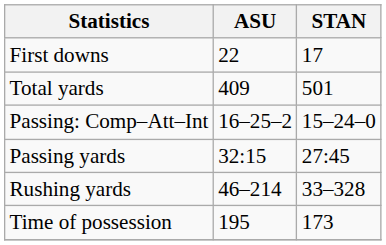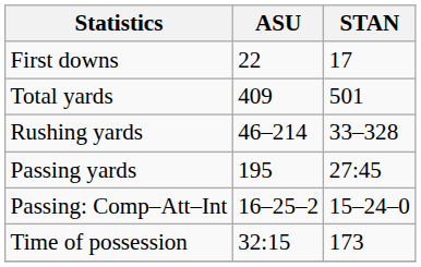 <table class="wikitable" style="float: left;">
 <tr>
 <th>Statistics</th>
 <th>ASU</th>
 <th>STAN</th>
 </tr>
 <tr>
 <td>First downs</td>
 <td>22</td>
 <td>17</td>
 </tr>
 <tr>
 <td>Total yards</td>
 <td>409</td>
 <td>501</td>
 </tr>
 <tr>
+<td>Rushing yards</td>
+<td>46–214</td>
+<td>33–328</td>
+</tr>
+<tr>
+<td>Passing yards</td>
+<td>195</td>
+<td>27:45</td>
+</tr>
+<tr>
 <td>Passing: Comp–Att–Int</td>
 <td>16–25–2</td>
 <td>15–24–0</td>
 </tr>
 <tr>
-<td>Passing yards</td>
+<td>Time of possession</td>
 <td>32:15</td>
-<td>27:45</td>
-</tr>
-<tr>
-<td>Rushing yards</td>
-<td>46–214</td>
-<td>33–328</td>
-</tr>
-<tr>
-<td>Time of possession</td>
-<td>195</td>
 <td>173</td>
 </tr>
 <tr>
 </tr>
 </table>
